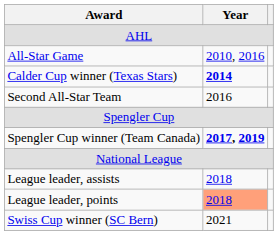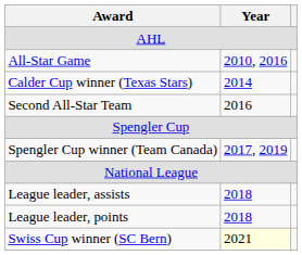 <table class="wikitable">
 <tr>
 <th>Award</th>
 <th>Year</th>
 <th></th>
 </tr>
 <tr ALIGN="center" bgcolor="#e0e0e0">
 <td colspan="3"><a href='#'>AHL</a></td>
 </tr>
 <tr>
 <td><a href='#'>All-Star Game</a></td>
 <td><a href='#'>2010</a>, <a href='#'>2016</a></td>
 <td></td>
 </tr>
 <tr>
 <td><a href='#'>Calder Cup</a> winner (<a href='#'>Texas Stars</a>)</td>
-<td><strong><a href='#'>2014</a></strong></td>
+<td><a href='#'>2014</a></td>
 <td></td>
 </tr>
 <tr>
 <td>Second All-Star Team</td>
 <td>2016</td>
 <td></td>
 </tr>
 <tr ALIGN="center" bgcolor="#e0e0e0">
 <td colspan="3"><a href='#'>Spengler Cup</a></td>
 </tr>
 <tr>
 <td>Spengler Cup winner (Team Canada)</td>
-<td><strong><a href='#'>2017</a>, <a href='#'>2019</a></strong></td>
+<td><a href='#'>2017</a>, <a href='#'>2019</a></td>
 <td></td>
 </tr>
 <tr ALIGN="center" bgcolor="#e0e0e0">
 <td colspan="3"><a href='#'>National League</a></td>
 </tr>
 <tr>
 <td>League leader, assists</td>
 <td><a href='#'>2018</a></td>
 <td></td>
 </tr>
 <tr>
 <td>League leader, points</td>
-<td style="background: lightsalmon;"><a href='#'>2018</a></td>
+<td><a href='#'>2018</a></td>
 <td></td>
 </tr>
 <tr>
 <td><a href='#'>Swiss Cup</a> winner (<a href='#'>SC Bern</a>)</td>
-<td>2021</td>
+<td style="background: lightyellow;">2021</td>
 <td></td>
 </tr>
 </table>
